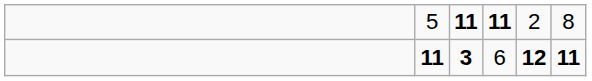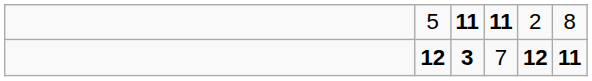 <table class="wikitable">
 <tr>
 <td style="width:18em"></td>
 <td align=center style="width:1em">5</td>
 <td align=center style="width:1em"><strong>11</strong></td>
 <td align=center style="width:1em"><strong>11</strong></td>
 <td align=center style="width:1em">2</td>
 <td align=center style="width:1em">8</td>
 </tr>
 <tr>
 <td style="width:18em"></td>
-<td align=center style="width:1em"><strong>11</strong></td>
+<td align=center style="width:1em"><strong>12</strong></td>
 <td align=center style="width:1em"><strong>3</strong></td>
-<td align=center style="width:1em">6</td>
+<td align=center style="width:1em">7</td>
 <td align=center style="width:1em"><strong>12</strong></td>
 <td align=center style="width:1em"><strong>11</strong></td>
 </tr>
 </table>
